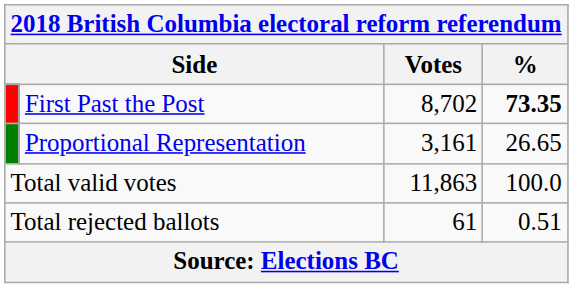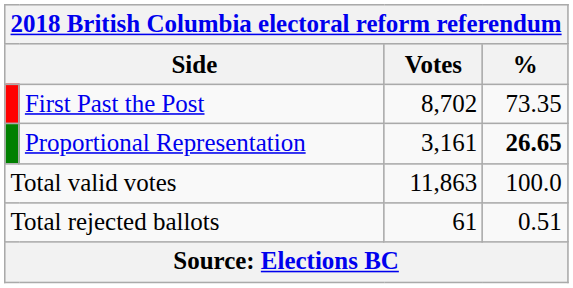 <table class="wikitable">
 <tr>
 <th colspan="4"><a href='#'>2018 British Columbia electoral reform referendum</a></th>
 </tr>
 <tr>
 <th colspan="2">Side</th>
 <th>Votes</th>
 <th>%</th>
 </tr>
 <tr>
 <td bgcolor="red"></td>
 <td><a href='#'>First Past the Post</a></td>
 <td align="right">8,702</td>
-<td align="right"><strong>73.35</strong></td>
+<td align="right">73.35</td>
 </tr>
 <tr>
 <td bgcolor="green"></td>
 <td><a href='#'>Proportional Representation</a></td>
 <td align="right">3,161</td>
-<td align="right">26.65</td>
+<td align="right"><strong>26.65</strong></td>
 </tr>
 <tr>
 <td colspan="2">Total valid votes</td>
 <td align="right">11,863</td>
 <td align="right">100.0</td>
 </tr>
 <tr>
 <td colspan="2">Total rejected ballots</td>
 <td align="right">61</td>
 <td align="right">0.51</td>
 </tr>
 <tr>
 <th colspan="4">Source: <a href='#'>Elections BC</a></th>
 </tr>
 </table>
